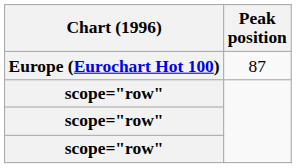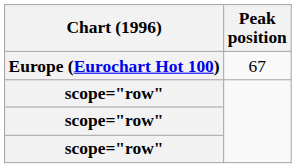 <table class="wikitable sortable plainrowheaders" style="text-align:center">
 <tr>
 <th>Chart (1996)</th>
 <th>Peak<br>position</th>
 </tr>
 <tr>
 <th scope="row">Europe (<a href='#'>Eurochart Hot 100</a>)</th>
-<td>87</td>
+<td>67</td>
 </tr>
 <tr>
 <th>scope="row"</th>
 </tr>
 <tr>
 <th>scope="row"</th>
 </tr>
 <tr>
 <th>scope="row"</th>
 </tr>
 </table>
